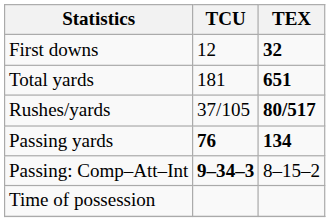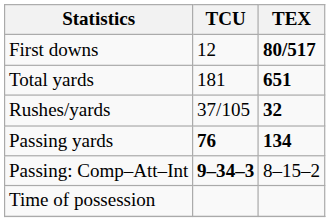 <table class="wikitable" style="float: left;">
 <tr>
 <th>Statistics</th>
 <th>TCU</th>
 <th>TEX</th>
 </tr>
 <tr>
 <td>First downs</td>
 <td>12</td>
-<td><strong>32</strong></td>
+<td><strong>80/517</strong></td>
 </tr>
 <tr>
 <td>Total yards</td>
 <td>181</td>
 <td><strong>651</strong></td>
 </tr>
 <tr>
 <td>Rushes/yards</td>
 <td>37/105</td>
-<td><strong>80/517</strong></td>
+<td><strong>32</strong></td>
 </tr>
 <tr>
 <td>Passing yards</td>
 <td><strong>76</strong></td>
 <td><strong>134</strong></td>
 </tr>
 <tr>
 <td>Passing: Comp–Att–Int</td>
 <td><strong>9–34–3</strong></td>
 <td>8–15–2</td>
 </tr>
 <tr>
 <td>Time of possession</td>
 <td></td>
 <td></td>
 </tr>
 <tr>
 </tr>
 </table>
